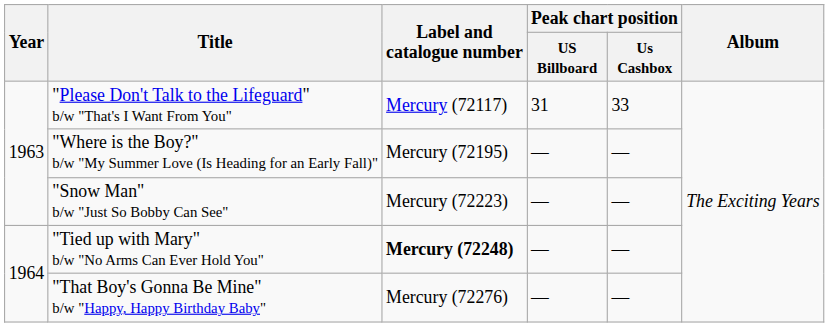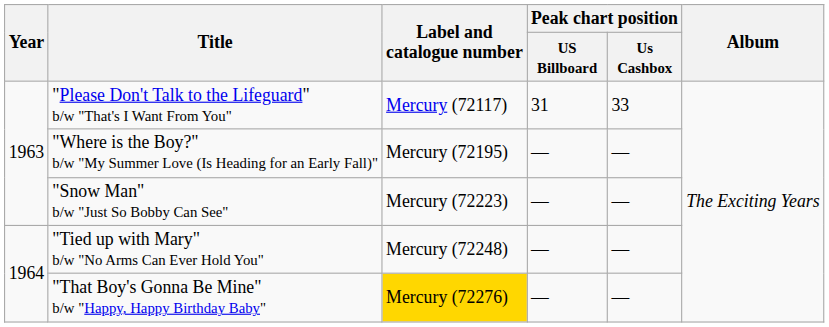 <table class="wikitable">
 <tr>
 <th rowspan="2">Year</th>
 <th rowspan="2">Title</th>
 <th rowspan="2">Label and<br>catalogue number</th>
 <th colspan="2">Peak chart position</th>
 <th rowspan="2">Album</th>
 </tr>
 <tr>
 <th><small>US</small><br><small>Billboard</small></th>
 <th><small>Us</small><br><small>Cashbox</small></th>
 </tr>
 <tr>
 <td rowspan="3">1963</td>
 <td>"<a href='#'>Please Don't Talk to the Lifeguard</a>"<br><small>b/w "That's I Want From You"</small></td>
 <td><a href='#'>Mercury</a> (72117)</td>
 <td>31</td>
 <td>33</td>
 <td rowspan="5"><em>The Exciting Years</em></td>
 </tr>
 <tr>
 <td>"Where is the Boy?"<br><small>b/w "My Summer Love (Is Heading for an Early Fall)"</small></td>
 <td>Mercury (72195)</td>
 <td>—</td>
 <td>—</td>
 </tr>
 <tr>
 <td>"Snow Man"<br><small>b/w "Just So Bobby Can See"</small></td>
 <td>Mercury (72223)</td>
 <td>—</td>
 <td>—</td>
 </tr>
 <tr>
 <td rowspan="2">1964</td>
 <td>"Tied up with Mary"<br><small>b/w "No Arms Can Ever Hold You"</small></td>
-<td><strong>Mercury (72248)</strong></td>
+<td>Mercury (72248)</td>
 <td>—</td>
 <td>—</td>
 </tr>
 <tr>
 <td>"That Boy's Gonna Be Mine"<br><small>b/w "<a href='#'>Happy, Happy Birthday Baby</a>"</small></td>
-<td>Mercury (72276)</td>
+<td style="background: gold;">Mercury (72276)</td>
 <td>—</td>
 <td>—</td>
 </tr>
 </table>
